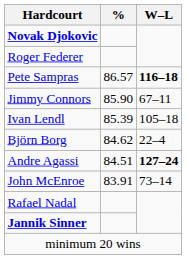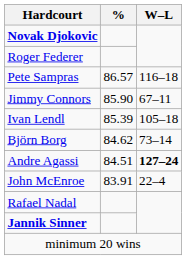 <table class=wikitable style="display:inline-table;">
 <tr>
 <th>Hardcourt</th>
 <th>%</th>
 <th>W–L</th>
 </tr>
 <tr>
 <td> <strong><a href='#'>Novak Djokovic</a></strong></td>
 <td></td>
 </tr>
 <tr>
 <td> <a href='#'>Roger Federer</a></td>
 <td></td>
 </tr>
 <tr>
 <td> <a href='#'>Pete Sampras</a></td>
 <td>86.57</td>
-<td><strong>116–18</strong></td>
+<td>116–18</td>
 </tr>
 <tr>
 <td> <a href='#'>Jimmy Connors</a></td>
 <td>85.90</td>
 <td>67–11</td>
 </tr>
 <tr>
 <td> <a href='#'>Ivan Lendl</a></td>
 <td>85.39</td>
 <td>105–18</td>
 </tr>
 <tr>
 <td> <a href='#'>Björn Borg</a></td>
 <td>84.62</td>
-<td>22–4</td>
+<td>73–14</td>
 </tr>
 <tr>
 <td> <a href='#'>Andre Agassi</a></td>
 <td>84.51</td>
 <td><strong>127–24</strong></td>
 </tr>
 <tr>
 <td> <a href='#'>John McEnroe</a></td>
 <td>83.91</td>
-<td>73–14</td>
+<td>22–4</td>
 </tr>
 <tr>
 <td> <a href='#'>Rafael Nadal</a></td>
 <td></td>
 </tr>
 <tr>
 <td> <strong><a href='#'>Jannik Sinner</a></strong></td>
 <td><br></td>
 </tr>
 <tr>
 <td colspan="3" style="text-align:center;">minimum 20 wins</td>
 </tr>
 </table>
